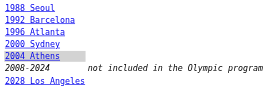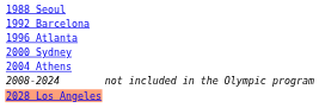 <table>
 <tr>
 <td><a href='#'>1988 Seoul</a><br></td>
 <td nowrap></td>
 <td nowrap></td>
 <td></td>
 </tr>
 <tr valign="top">
 <td rowspan="2"><a href='#'>1992 Barcelona</a><br></td>
 <td rowspan="2"></td>
 <td rowspan="2"></td>
 <td nowrap></td>
 </tr>
 <tr>
 <td></td>
 </tr>
 <tr>
 <td><a href='#'>1996 Atlanta</a><br></td>
 <td></td>
 <td></td>
 <td></td>
 </tr>
 <tr>
 <td><a href='#'>2000 Sydney</a><br></td>
 <td></td>
 <td></td>
 <td></td>
 </tr>
 <tr>
-<td style="background: lightgrey;"><a href='#'>2004 Athens</a><br></td>
+<td><a href='#'>2004 Athens</a><br></td>
 <td></td>
 <td></td>
 <td></td>
 </tr>
 <tr>
 <td><em>2008-2024</em></td>
 <td colspan=3 align=center><em>not included in the Olympic program</em></td>
 </tr>
 <tr>
-<td><a href='#'>2028 Los Angeles</a> <br></td>
+<td style="background: lightsalmon;"><a href='#'>2028 Los Angeles</a> <br></td>
 <td></td>
 <td></td>
 <td></td>
 </tr>
 <tr>
 </tr>
 </table>
